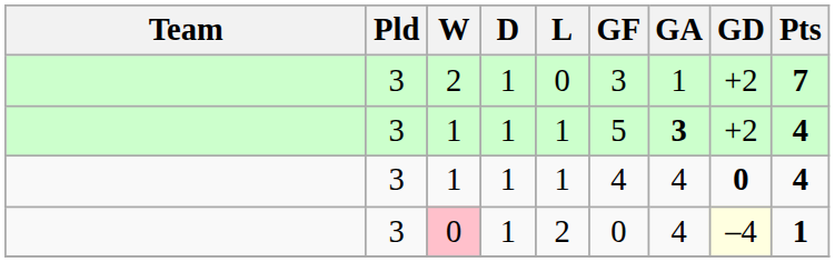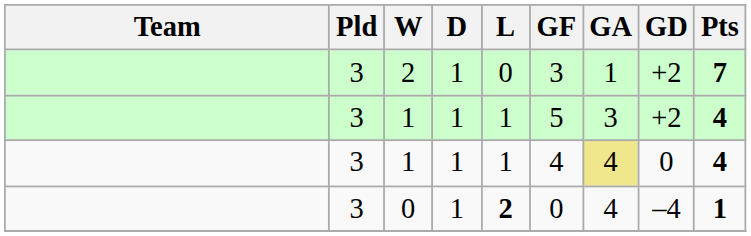 <table class="wikitable" style="text-align: center;">
 <tr>
 <th width="175">Team</th>
 <th width="20">Pld</th>
 <th width="20">W</th>
 <th width="20">D</th>
 <th width="20">L</th>
 <th width="20">GF</th>
 <th width="20">GA</th>
 <th width="20">GD</th>
 <th width="20">Pts</th>
 </tr>
 <tr bgcolor="#ccffcc">
 <td align=left></td>
 <td>3</td>
 <td>2</td>
 <td>1</td>
 <td>0</td>
 <td>3</td>
 <td>1</td>
 <td>+2</td>
 <td><strong>7</strong></td>
 </tr>
 <tr bgcolor="#ccffcc">
 <td align=left></td>
 <td>3</td>
 <td>1</td>
 <td>1</td>
 <td>1</td>
 <td>5</td>
-<td><strong>3</strong></td>
+<td>3</td>
 <td>+2</td>
 <td><strong>4</strong></td>
 </tr>
 <tr>
 <td align=left></td>
 <td>3</td>
 <td>1</td>
 <td>1</td>
 <td>1</td>
 <td>4</td>
-<td>4</td>
-<td><strong>0</strong></td>
+<td style="background: khaki;">4</td>
+<td>0</td>
 <td><strong>4</strong></td>
 </tr>
 <tr>
 <td align=left></td>
 <td>3</td>
-<td style="background: pink;">0</td>
+<td>0</td>
 <td>1</td>
-<td>2</td>
+<td><strong>2</strong></td>
 <td>0</td>
 <td>4</td>
-<td style="background: lightyellow;">–4</td>
+<td>–4</td>
 <td><strong>1</strong></td>
 </tr>
 <tr>
 </tr>
 </table>
